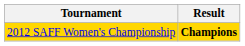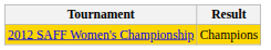 <table class="wikitable">
 <tr>
 <th>Tournament</th>
 <th>Result</th>
 </tr>
 <tr style="background:gold;">
 <td> <a href='#'>2012 SAFF Women's Championship</a></td>
-<td><strong>Champions</strong></td>
+<td>Champions</td>
 </tr>
 </table>
